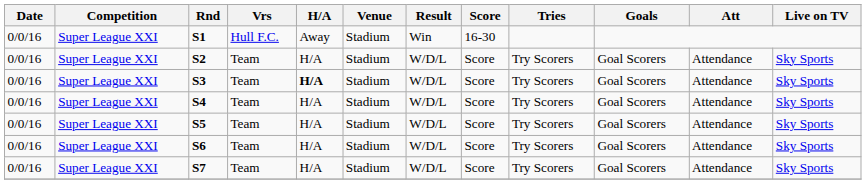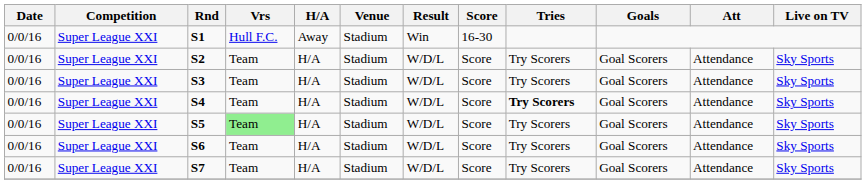 <table class="wikitable" style="font-size:85%;" width="100%">
 <tr>
 <th>Date</th>
 <th>Competition</th>
 <th>Rnd</th>
 <th>Vrs</th>
 <th>H/A</th>
 <th>Venue</th>
 <th>Result</th>
 <th>Score</th>
 <th>Tries</th>
 <th>Goals</th>
 <th>Att</th>
 <th>Live on TV</th>
 </tr>
 <tr>
 <td>0/0/16</td>
 <td><a href='#'>Super League XXI</a></td>
 <td><strong>S1</strong></td>
 <td><a href='#'>Hull F.C.</a></td>
 <td>Away</td>
 <td>Stadium</td>
 <td>Win</td>
 <td>16-30</td>
 <td></td>
 </tr>
 <tr>
 <td>0/0/16</td>
 <td><a href='#'>Super League XXI</a></td>
 <td><strong>S2</strong></td>
 <td>Team</td>
 <td>H/A</td>
 <td>Stadium</td>
 <td>W/D/L</td>
 <td>Score</td>
 <td>Try Scorers</td>
 <td>Goal Scorers</td>
 <td>Attendance</td>
 <td><a href='#'>Sky Sports</a></td>
 </tr>
 <tr>
 <td>0/0/16</td>
 <td><a href='#'>Super League XXI</a></td>
 <td><strong>S3</strong></td>
 <td>Team</td>
-<td><strong>H/A</strong></td>
+<td>H/A</td>
 <td>Stadium</td>
 <td>W/D/L</td>
 <td>Score</td>
 <td>Try Scorers</td>
 <td>Goal Scorers</td>
 <td>Attendance</td>
 <td><a href='#'>Sky Sports</a></td>
 </tr>
 <tr>
 <td>0/0/16</td>
 <td><a href='#'>Super League XXI</a></td>
 <td><strong>S4</strong></td>
 <td>Team</td>
 <td>H/A</td>
 <td>Stadium</td>
 <td>W/D/L</td>
 <td>Score</td>
-<td>Try Scorers</td>
+<td><strong>Try Scorers</strong></td>
 <td>Goal Scorers</td>
 <td>Attendance</td>
 <td><a href='#'>Sky Sports</a></td>
 </tr>
 <tr>
 <td>0/0/16</td>
 <td><a href='#'>Super League XXI</a></td>
 <td><strong>S5</strong></td>
-<td>Team</td>
+<td style="background: lightgreen;">Team</td>
 <td>H/A</td>
 <td>Stadium</td>
 <td>W/D/L</td>
 <td>Score</td>
 <td>Try Scorers</td>
 <td>Goal Scorers</td>
 <td>Attendance</td>
 <td><a href='#'>Sky Sports</a></td>
 </tr>
 <tr>
 <td>0/0/16</td>
 <td><a href='#'>Super League XXI</a></td>
 <td><strong>S6</strong></td>
 <td>Team</td>
 <td>H/A</td>
 <td>Stadium</td>
 <td>W/D/L</td>
 <td>Score</td>
 <td>Try Scorers</td>
 <td>Goal Scorers</td>
 <td>Attendance</td>
 <td><a href='#'>Sky Sports</a></td>
 </tr>
 <tr>
 <td>0/0/16</td>
 <td><a href='#'>Super League XXI</a></td>
 <td><strong>S7</strong></td>
 <td>Team</td>
 <td>H/A</td>
 <td>Stadium</td>
 <td>W/D/L</td>
 <td>Score</td>
 <td>Try Scorers</td>
 <td>Goal Scorers</td>
 <td>Attendance</td>
 <td><a href='#'>Sky Sports</a></td>
 </tr>
 <tr>
 </tr>
 </table>
